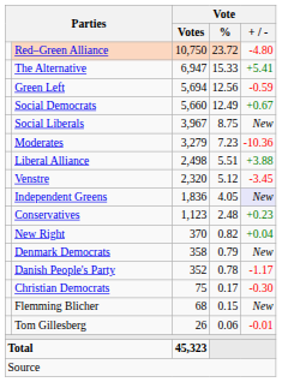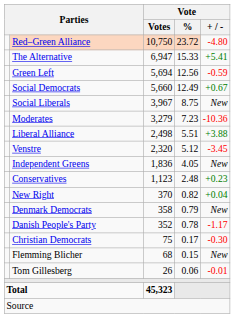 <table class="wikitable" style="text-align:right;">
 <tr>
 <th style="text-align:centre;" rowspan="2" colspan="2" width="225">Parties</th>
 <th colspan="3">Vote</th>
 </tr>
 <tr>
 <th width="15">Votes</th>
 <th width="15">%</th>
 <th width="15">+ / -</th>
 </tr>
 <tr>
 <td width="2" style="color:inherit;background:"></td>
 <td bgcolor=#fcd7c0  align="left"><a href='#'>Red–Green Alliance</a></td>
 <td bgcolor=#fcd7c0>10,750</td>
 <td bgcolor=#fcd7c0>23.72</td>
 <td style=color:red;>-4.80</td>
 </tr>
 <tr>
 <td width="2" style="color:inherit;background:"></td>
 <td align="left"><a href='#'>The Alternative</a></td>
 <td>6,947</td>
 <td>15.33</td>
 <td style=color:green;>+5.41</td>
 </tr>
 <tr>
 <td width="2" style="color:inherit;background:"></td>
 <td align="left"><a href='#'>Green Left</a></td>
 <td>5,694</td>
 <td>12.56</td>
 <td style=color:red;>-0.59</td>
 </tr>
 <tr>
 <td width="2" style="color:inherit;background:"></td>
 <td align="left"><a href='#'>Social Democrats</a></td>
 <td>5,660</td>
 <td>12.49</td>
 <td style=color:green;>+0.67</td>
 </tr>
 <tr>
 <td width="2" style="color:inherit;background:"></td>
 <td align="left"><a href='#'>Social Liberals</a></td>
 <td>3,967</td>
 <td>8.75</td>
 <td><em>New</em></td>
 </tr>
 <tr>
 <td width="2" style="color:inherit;background:"></td>
 <td align="left"><a href='#'>Moderates</a></td>
 <td>3,279</td>
 <td>7.23</td>
 <td style=color:red;>-10.36</td>
 </tr>
 <tr>
 <td width="2" style="color:inherit;background:"></td>
 <td align="left"><a href='#'>Liberal Alliance</a></td>
 <td>2,498</td>
 <td>5.51</td>
 <td style=color:green;>+3.88</td>
 </tr>
 <tr>
 <td width="2" style="color:inherit;background:"></td>
 <td align="left"><a href='#'>Venstre</a></td>
 <td>2,320</td>
 <td>5.12</td>
 <td style=color:red;>-3.45</td>
 </tr>
 <tr>
 <td width="2" style="color:inherit;background:"></td>
 <td align="left"><a href='#'>Independent Greens</a></td>
 <td>1,836</td>
 <td>4.05</td>
-<td style="background: lavender;"><em>New</em></td>
+<td><em>New</em></td>
 </tr>
 <tr>
 <td width="2" style="color:inherit;background:"></td>
 <td align="left"><a href='#'>Conservatives</a></td>
 <td>1,123</td>
 <td>2.48</td>
 <td style=color:green;>+0.23</td>
 </tr>
 <tr>
 <td width="2" style="color:inherit;background:"></td>
 <td align="left"><a href='#'>New Right</a></td>
 <td>370</td>
 <td>0.82</td>
 <td style=color:green;>+0.04</td>
 </tr>
 <tr>
 <td width="2" style="color:inherit;background:"></td>
 <td align="left"><a href='#'>Denmark Democrats</a></td>
 <td>358</td>
 <td>0.79</td>
 <td><em>New</em></td>
 </tr>
 <tr>
 <td width="2" style="color:inherit;background:"></td>
 <td align="left"><a href='#'>Danish People's Party</a></td>
 <td>352</td>
 <td>0.78</td>
 <td style=color:red;>-1.17</td>
 </tr>
 <tr>
 <td width="2" style="color:inherit;background:"></td>
 <td align="left"><a href='#'>Christian Democrats</a></td>
 <td>75</td>
 <td>0.17</td>
 <td style=color:red;>-0.30</td>
 </tr>
 <tr>
 <td width="2" style="color:inherit;background:"></td>
 <td align="left">Flemming Blicher</td>
 <td>68</td>
 <td>0.15</td>
 <td><em>New</em></td>
 </tr>
 <tr>
 <td width="2" style="color:inherit;background:"></td>
 <td align="left">Tom Gillesberg</td>
 <td>26</td>
 <td>0.06</td>
 <td style=color:red;>-0.01</td>
 </tr>
 <tr>
 <td colspan="7" bgcolor="#E9E9E9"></td>
 </tr>
 <tr>
 <td align="left" colspan="2"><strong>Total</strong></td>
 <td><strong>45,323</strong></td>
 <td bgcolor="#E9E9E9" colspan="2"></td>
 </tr>
 <tr>
 <td align="left" colspan="6">Source</td>
 </tr>
 </table>
